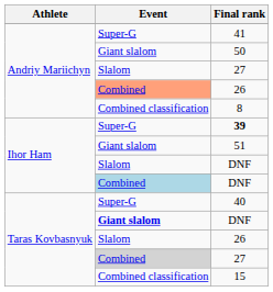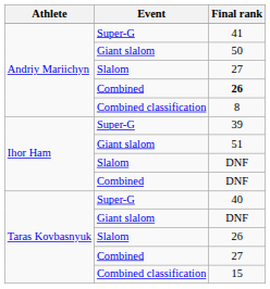 <table class="wikitable" style="font-size:90%">
 <tr>
 <th>Athlete</th>
 <th>Event</th>
 <th>Final rank</th>
 </tr>
 <tr style="font-size:95%">
 </tr>
 <tr align=center>
 <td align=left rowspan=5><a href='#'>Andriy Mariichyn</a></td>
 <td align=left><a href='#'>Super-G</a></td>
 <td>41</td>
 </tr>
 <tr align=center>
 <td align=left><a href='#'>Giant slalom</a></td>
 <td>50</td>
 </tr>
 <tr align=center>
 <td align=left><a href='#'>Slalom</a></td>
 <td>27</td>
 </tr>
 <tr align=center>
-<td align=left style="background: lightsalmon;"><a href='#'>Combined</a></td>
-<td>26</td>
+<td align=left><a href='#'>Combined</a></td>
+<td><strong>26</strong></td>
 </tr>
 <tr align=center>
 <td align=left><a href='#'>Combined classification</a></td>
 <td>8</td>
 </tr>
 <tr align=center>
 <td align=left rowspan=4><a href='#'>Ihor Ham</a></td>
 <td align=left><a href='#'>Super-G</a></td>
-<td><strong>39</strong></td>
+<td>39</td>
 </tr>
 <tr align=center>
 <td align=left><a href='#'>Giant slalom</a></td>
 <td>51</td>
 </tr>
 <tr align=center>
 <td align=left><a href='#'>Slalom</a></td>
 <td>DNF</td>
 </tr>
 <tr align=center>
-<td align=left style="background: lightblue;"><a href='#'>Combined</a></td>
+<td align=left><a href='#'>Combined</a></td>
 <td>DNF</td>
 </tr>
 <tr align=center>
 <td align=left rowspan=5><a href='#'>Taras Kovbasnyuk</a></td>
 <td align=left><a href='#'>Super-G</a></td>
 <td>40</td>
 </tr>
 <tr align=center>
-<td align=left><strong><a href='#'>Giant slalom</a></strong></td>
+<td align=left><a href='#'>Giant slalom</a></td>
 <td>DNF</td>
 </tr>
 <tr align=center>
 <td align=left><a href='#'>Slalom</a></td>
 <td>26</td>
 </tr>
 <tr align=center>
-<td align=left style="background: lightgrey;"><a href='#'>Combined</a></td>
+<td align=left><a href='#'>Combined</a></td>
 <td>27</td>
 </tr>
 <tr align=center>
 <td align=left><a href='#'>Combined classification</a></td>
 <td>15</td>
 </tr>
 </table>
